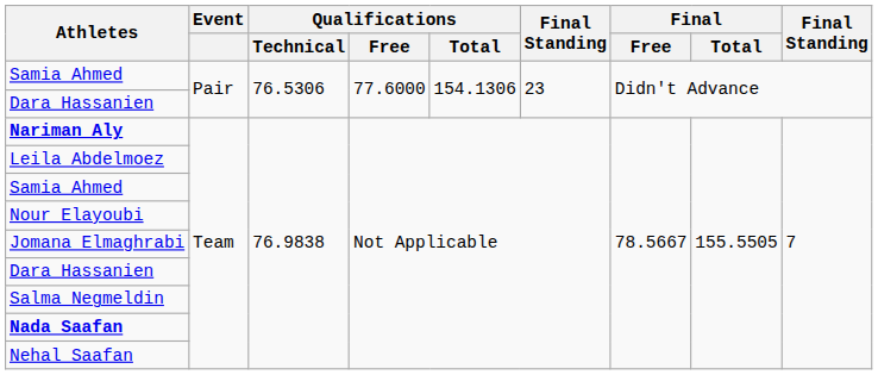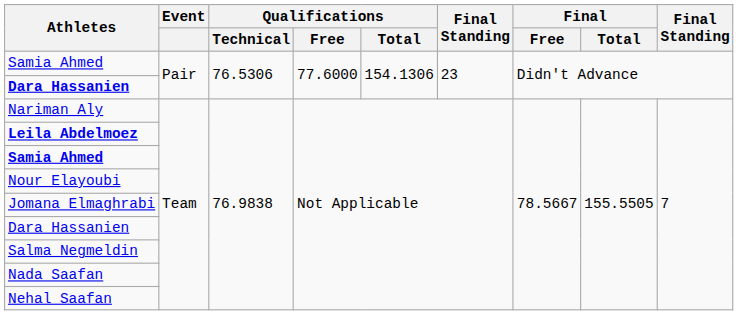 <table class="wikitable">
 <tr>
 <th rowspan="2">Athletes</th>
 <th>Event</th>
 <th colspan="3">Qualifications</th>
 <th rowspan="2">Final<br>Standing</th>
 <th colspan="2">Final</th>
 <th rowspan="2">Final<br>Standing</th>
 </tr>
 <tr>
 <th></th>
 <th>Technical</th>
 <th>Free</th>
 <th>Total</th>
 <th>Free</th>
 <th>Total</th>
 </tr>
 <tr>
 <td><a href='#'>Samia Ahmed</a></td>
 <td rowspan="2">Pair</td>
 <td rowspan="2">76.5306</td>
 <td rowspan="2">77.6000</td>
 <td rowspan="2">154.1306</td>
 <td rowspan="2">23</td>
 <td colspan="3" rowspan="2">Didn't Advance</td>
 </tr>
 <tr>
-<td><a href='#'>Dara Hassanien</a></td>
+<td><strong><a href='#'>Dara Hassanien</a></strong></td>
 </tr>
 <tr>
-<td><strong><a href='#'>Nariman Aly</a></strong></td>
+<td><a href='#'>Nariman Aly</a></td>
 <td rowspan="9">Team</td>
 <td rowspan="9">76.9838</td>
 <td colspan="3" rowspan="9">Not Applicable</td>
 <td rowspan="9">78.5667</td>
 <td rowspan="9">155.5505</td>
 <td rowspan="9">7</td>
 </tr>
 <tr>
-<td><a href='#'>Leila Abdelmoez</a></td>
+<td><strong><a href='#'>Leila Abdelmoez</a></strong></td>
 </tr>
 <tr>
-<td><a href='#'>Samia Ahmed</a></td>
+<td><strong><a href='#'>Samia Ahmed</a></strong></td>
 </tr>
 <tr>
 <td><a href='#'>Nour Elayoubi</a></td>
 </tr>
 <tr>
 <td><a href='#'>Jomana Elmaghrabi</a></td>
 </tr>
 <tr>
 <td><a href='#'>Dara Hassanien</a></td>
 </tr>
 <tr>
 <td><a href='#'>Salma Negmeldin</a></td>
 </tr>
 <tr>
-<td><strong><a href='#'>Nada Saafan</a></strong></td>
+<td><a href='#'>Nada Saafan</a></td>
 </tr>
 <tr>
 <td><a href='#'>Nehal Saafan</a></td>
 </tr>
 </table>
